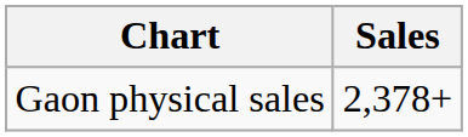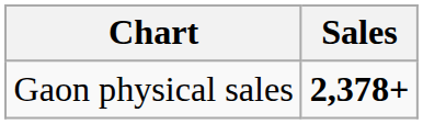 <table class="wikitable">
 <tr>
 <th>Chart</th>
 <th>Sales</th>
 </tr>
 <tr>
 <td>Gaon physical sales</td>
-<td align="center">2,378+</td>
+<td align="center"><strong>2,378+</strong></td>
 </tr>
 </table>
